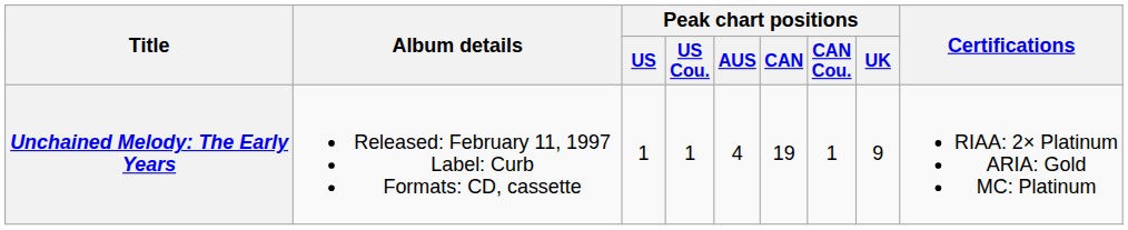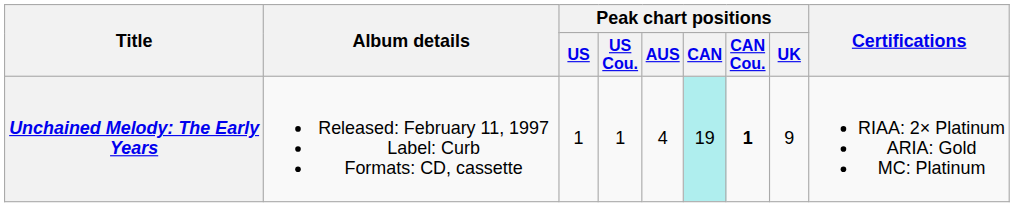 <table class="wikitable plainrowheaders" style="text-align:center;">
 <tr>
 <th scope="col" rowspan="2" style="width:14em;">Title</th>
 <th scope="col" rowspan="2" style="width:16em;">Album details</th>
 <th scope="col" colspan="6">Peak chart positions</th>
 <th scope="col" rowspan="2"><a href='#'>Certifications</a></th>
 </tr>
 <tr>
 <th scope="col" style="width:2em;font-size:90%;"><a href='#'>US</a><br></th>
 <th scope="col" style="width:2em;font-size:90%;"><a href='#'>US<br>Cou.</a><br></th>
 <th scope="col" style="width:2em;font-size:90%;"><a href='#'>AUS</a><br></th>
 <th scope="col" style="width:2em;font-size:90%;"><a href='#'>CAN</a><br></th>
 <th scope="col" style="width:2em;font-size:90%;"><a href='#'>CAN<br>Cou.</a><br></th>
 <th scope="col" style="width:2em;font-size:90%;"><a href='#'>UK</a><br></th>
 </tr>
 <tr>
 <th scope="row"><em><a href='#'>Unchained Melody: The Early Years</a></em></th>
 <td><br><ul><li>Released: February 11, 1997</li><li>Label: Curb</li><li>Formats: CD, cassette</li></ul></td>
 <td>1</td>
 <td>1</td>
 <td>4</td>
-<td>19</td>
-<td>1</td>
+<td style="background: paleturquoise;">19</td>
+<td><strong>1</strong></td>
 <td>9</td>
 <td><br><ul><li>RIAA: 2× Platinum</li><li>ARIA: Gold</li><li>MC: Platinum</li></ul></td>
 </tr>
 </table>
